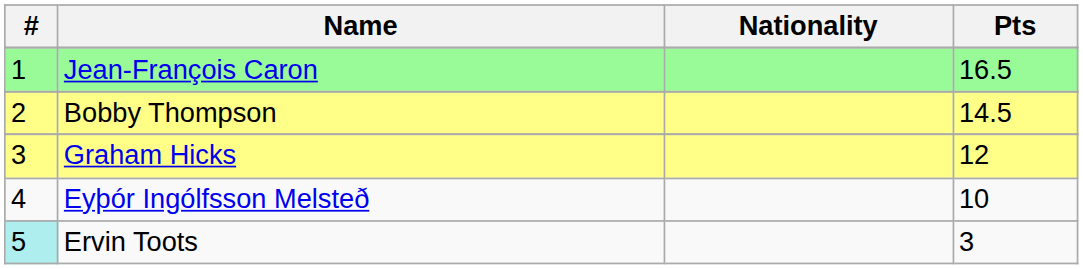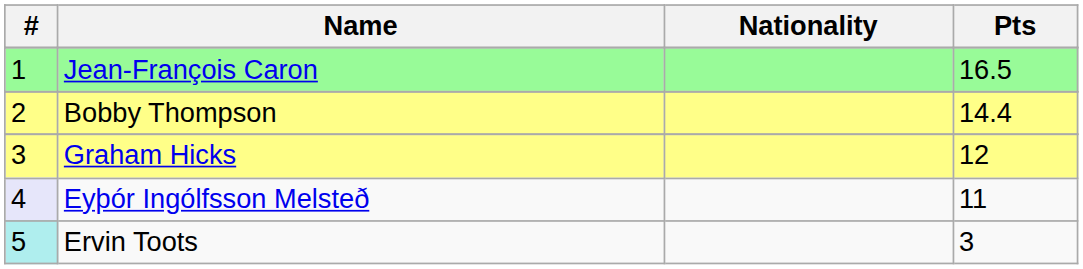 <table class="wikitable" style="display: inline-table;width: 50%;">
 <tr>
 <th>#</th>
 <th>Name</th>
 <th>Nationality</th>
 <th>Pts</th>
 </tr>
 <tr>
 </tr>
 <tr style="background:palegreen">
 <td>1</td>
 <td><a href='#'>Jean-François Caron</a></td>
 <td></td>
 <td>16.5</td>
 </tr>
 <tr>
 </tr>
 <tr style="background:#ff8">
 <td>2</td>
 <td>Bobby Thompson</td>
 <td></td>
-<td>14.5</td>
+<td>14.4</td>
 </tr>
 <tr>
 </tr>
 <tr style="background:#ff8">
 <td>3</td>
 <td><a href='#'>Graham Hicks</a></td>
 <td></td>
 <td>12</td>
 </tr>
 <tr>
-<td>4</td>
+<td style="background: lavender;">4</td>
 <td><a href='#'>Eyþór Ingólfsson Melsteð</a></td>
 <td></td>
-<td>10</td>
+<td>11</td>
 </tr>
 <tr>
 <td style="background: paleturquoise;">5</td>
 <td>Ervin Toots</td>
 <td></td>
 <td>3</td>
 </tr>
 </table>
